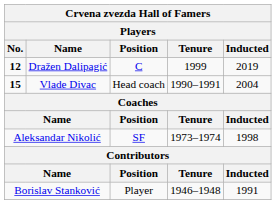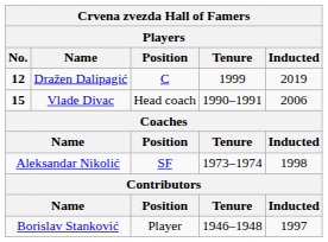 <table class="wikitable" style="text-align:center">
 <tr>
 <th colspan="5">Crvena zvezda Hall of Famers</th>
 </tr>
 <tr>
 <th colspan="5">Players</th>
 </tr>
 <tr>
 <th>No.</th>
 <th>Name</th>
 <th>Position</th>
 <th>Tenure</th>
 <th>Inducted</th>
 </tr>
 <tr>
 <td><strong>12</strong></td>
 <td><a href='#'>Dražen Dalipagić</a></td>
 <td><a href='#'>C</a></td>
 <td>1999</td>
 <td>2019</td>
 </tr>
 <tr>
 <td><strong>15</strong></td>
 <td><a href='#'>Vlade Divac</a></td>
 <td>Head coach</td>
 <td>1990–1991</td>
-<td>2004</td>
+<td>2006</td>
 </tr>
 <tr>
 <th colspan="5">Coaches</th>
 </tr>
 <tr>
 <th colspan=2>Name</th>
 <th>Position</th>
 <th>Tenure</th>
 <th>Inducted</th>
 </tr>
 <tr>
 <td colspan=2><a href='#'>Aleksandar Nikolić</a></td>
 <td><a href='#'>SF</a></td>
 <td>1973–1974</td>
 <td>1998</td>
 </tr>
 <tr>
 <th colspan="5">Contributors</th>
 </tr>
 <tr>
 <th colspan=2>Name</th>
 <th>Position</th>
 <th>Tenure</th>
 <th>Inducted</th>
 </tr>
 <tr>
 <td colspan=2><a href='#'>Borislav Stanković</a></td>
 <td>Player</td>
 <td>1946–1948</td>
-<td>1991</td>
+<td>1997</td>
 </tr>
 </table>
